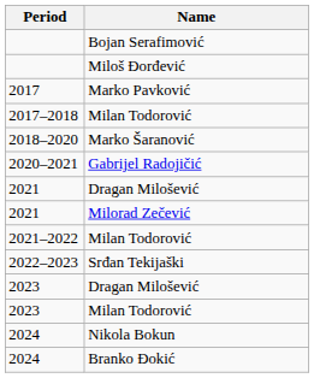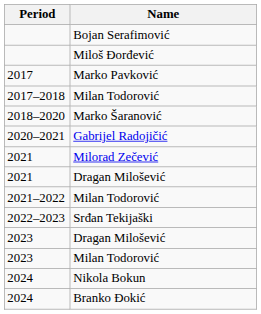 <table class="wikitable">
 <tr>
 <th width="75">Period</th>
 <th width="225">Name</th>
 </tr>
 <tr>
 <td></td>
 <td> Bojan Serafimović</td>
 </tr>
 <tr>
 <td></td>
 <td> Miloš Đorđević</td>
 </tr>
 <tr>
 <td>2017</td>
 <td> Marko Pavković</td>
 </tr>
 <tr>
 <td>2017–2018</td>
 <td> Milan Todorović</td>
 </tr>
 <tr>
 <td>2018–2020</td>
 <td> Marko Šaranović</td>
 </tr>
 <tr>
 <td>2020–2021</td>
 <td> <a href='#'>Gabrijel Radojičić</a></td>
 </tr>
 <tr>
 <td>2021</td>
-<td> Dragan Milošević</td>
+<td> <a href='#'>Milorad Zečević</a></td>
 </tr>
 <tr>
 <td>2021</td>
-<td> <a href='#'>Milorad Zečević</a></td>
+<td> Dragan Milošević</td>
 </tr>
 <tr>
 <td>2021–2022</td>
 <td> Milan Todorović</td>
 </tr>
 <tr>
 <td>2022–2023</td>
 <td> Srđan Tekijaški</td>
 </tr>
 <tr>
 <td>2023</td>
 <td> Dragan Milošević</td>
 </tr>
 <tr>
 <td>2023</td>
 <td> Milan Todorović</td>
 </tr>
 <tr>
 <td>2024</td>
 <td> Nikola Bokun</td>
 </tr>
 <tr>
 <td>2024</td>
 <td> Branko Đokić</td>
 </tr>
 </table>
